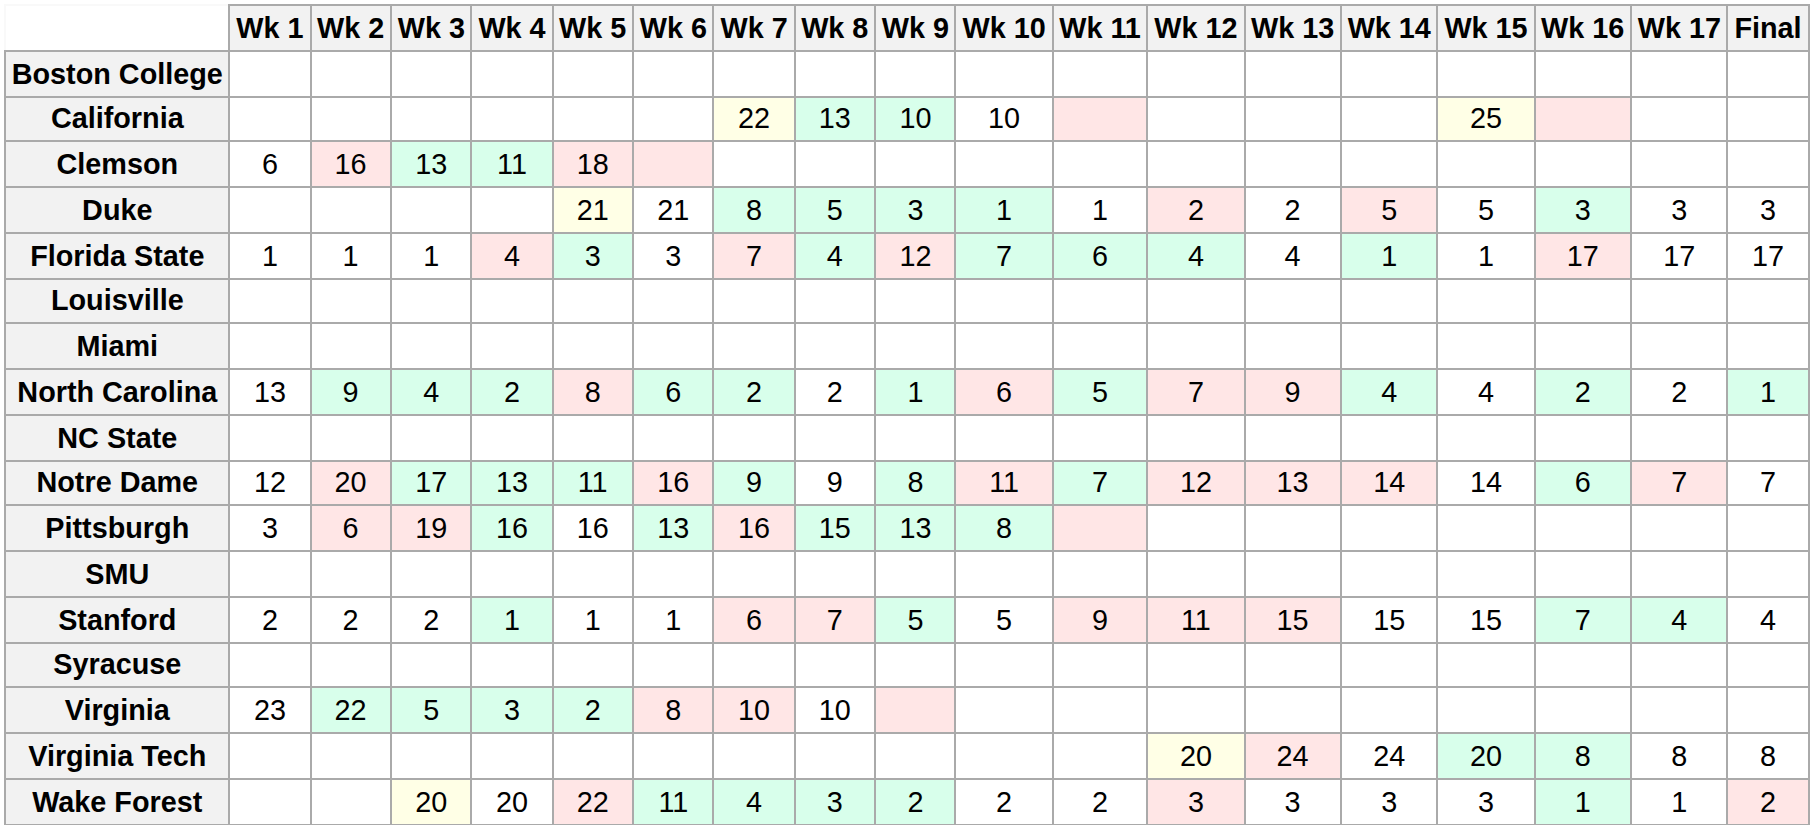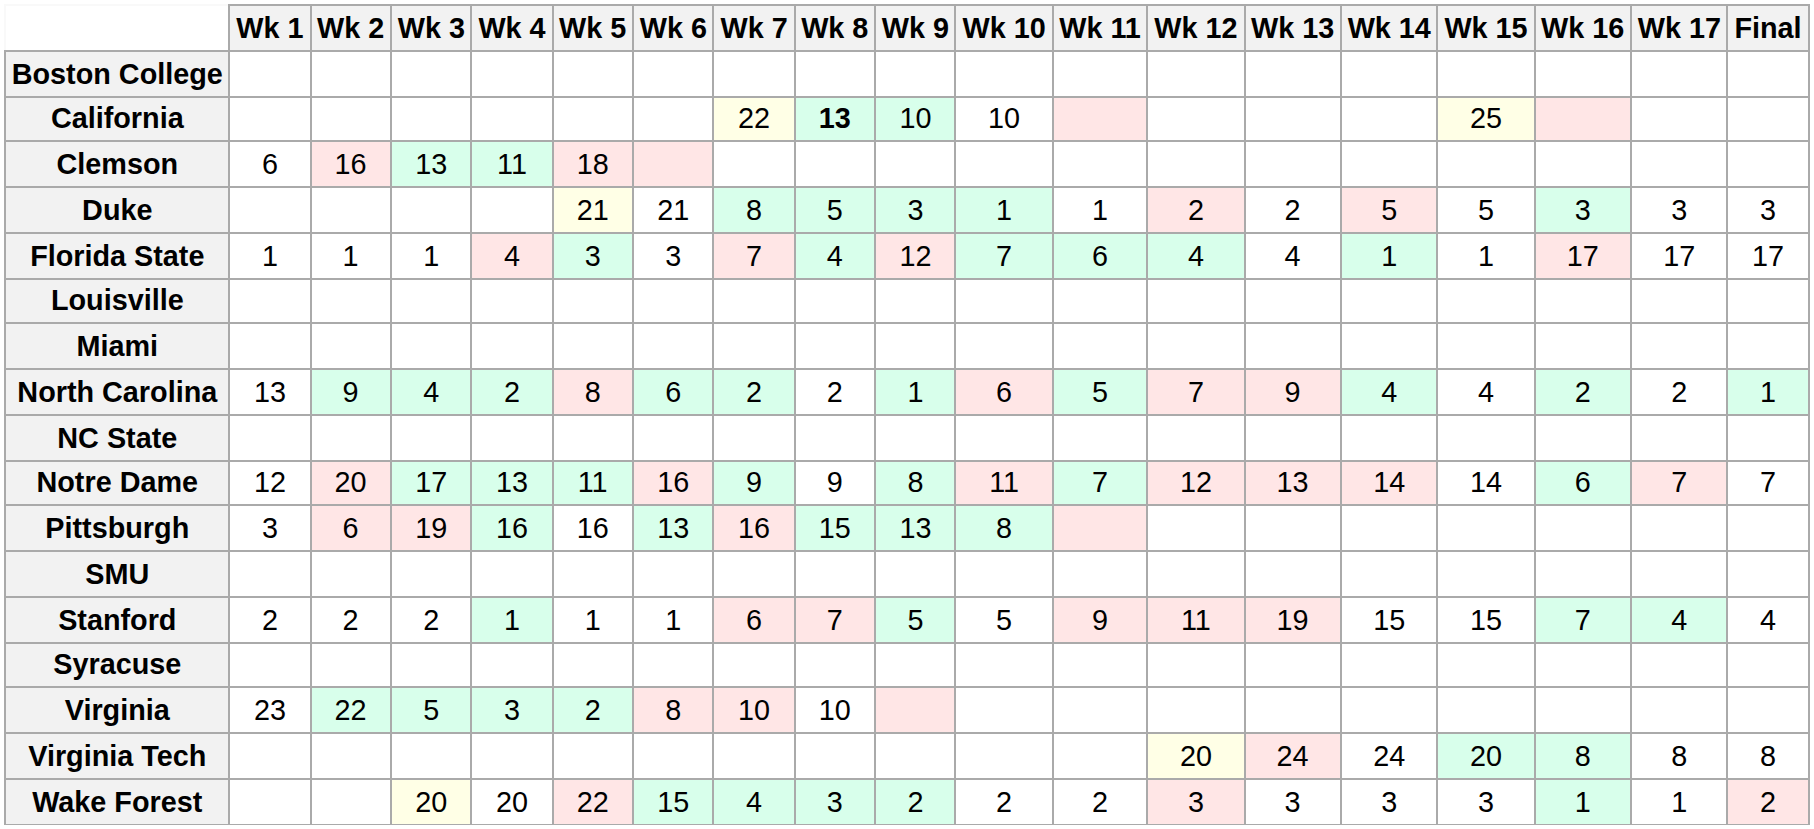 <table class="wikitable" style="white-space:nowrap;font-size:90%;">
 <tr>
 <th colspan=1 style="background:white; border-top-style:hidden; border-left-style:hidden;"> </th>
 <th>Wk 1 <br></th>
 <th>Wk 2 <br></th>
 <th>Wk 3 <br></th>
 <th>Wk 4 <br></th>
 <th>Wk 5 <br></th>
 <th>Wk 6 <br></th>
 <th>Wk 7 <br></th>
 <th>Wk 8 <br></th>
 <th>Wk 9 <br></th>
 <th>Wk 10 <br></th>
 <th>Wk 11 <br></th>
 <th>Wk 12 <br></th>
 <th>Wk 13 <br></th>
 <th>Wk 14 <br></th>
 <th>Wk 15 <br></th>
 <th>Wk 16 <br></th>
 <th>Wk 17 <br></th>
 <th>Final <br></th>
 </tr>
 <tr style="text-align:center;">
 <th>Boston College</th>
 <td style="background:#FFF;"></td>
 <td style="background:#FFF;"></td>
 <td style="background:#FFF;"></td>
 <td style="background:#FFF;"></td>
 <td style="background:#FFF;"></td>
 <td style="background:#FFF;"></td>
 <td style="background:#FFF;"></td>
 <td style="background:#FFF;"></td>
 <td style="background:#FFF;"></td>
 <td style="background:#FFF;"></td>
 <td style="background:#FFF;"></td>
 <td style="background:#FFF;"></td>
 <td style="background:#FFF;"></td>
 <td style="background:#FFF;"></td>
 <td style="background:#FFF;"></td>
 <td style="background:#FFF;"></td>
 <td style="background:#FFF;"></td>
 <td style="background:#FFF;"></td>
 </tr>
 <tr style="text-align:center;">
 <th>California</th>
 <td style="background:#FFF;"></td>
 <td style="background:#FFF;"></td>
 <td style="background:#FFF;"></td>
 <td style="background:#FFF;"></td>
 <td style="background:#FFF;"></td>
 <td style="background:#FFF;"></td>
 <td style="background:#FFFFE6;"> 22</td>
-<td style="background:#D8FFEB;"> 13</td>
+<td style="background:#D8FFEB;"><strong> 13</strong></td>
 <td style="background:#D8FFEB;"> 10</td>
 <td style="background:#FFF;"> 10</td>
 <td style="background:#FFE6E6;"></td>
 <td style="background:#FFF;"></td>
 <td style="background:#FFF;"></td>
 <td style="background:#FFF;"></td>
 <td style="background:#FFFFE6;"> 25</td>
 <td style="background:#FFE6E6;"></td>
 <td style="background:#FFF;"></td>
 <td style="background:#FFF;"></td>
 </tr>
 <tr style="text-align:center;">
 <th>Clemson</th>
 <td style="background:#FFF;"> 6</td>
 <td style="background:#FFE6E6;"> 16</td>
 <td style="background:#D8FFEB;"> 13</td>
 <td style="background:#D8FFEB;"> 11</td>
 <td style="background:#FFE6E6;"> 18</td>
 <td style="background:#FFE6E6;"></td>
 <td style="background:#FFF;"></td>
 <td style="background:#FFF;"></td>
 <td style="background:#FFF;"></td>
 <td style="background:#FFF;"></td>
 <td style="background:#FFF;"></td>
 <td style="background:#FFF;"></td>
 <td style="background:#FFF;"></td>
 <td style="background:#FFF;"></td>
 <td style="background:#FFF;"></td>
 <td style="background:#FFF;"></td>
 <td style="background:#FFF;"></td>
 <td style="background:#FFF;"></td>
 </tr>
 <tr style="text-align:center;">
 <th>Duke</th>
 <td style="background:#FFF;"></td>
 <td style="background:#FFF;"></td>
 <td style="background:#FFF;"></td>
 <td style="background:#FFF;"></td>
 <td style="background:#FFFFE6;"> 21</td>
 <td style="background:#FFF;"> 21</td>
 <td style="background:#D8FFEB;"> 8</td>
 <td style="background:#D8FFEB;"> 5</td>
 <td style="background:#D8FFEB;"> 3</td>
 <td style="background:#D8FFEB;"> 1</td>
 <td style="background:#FFF;"> 1</td>
 <td style="background:#FFE6E6;"> 2</td>
 <td style="background:#FFF;"> 2</td>
 <td style="background:#FFE6E6;"> 5</td>
 <td style="background:#FFF;"> 5</td>
 <td style="background:#D8FFEB;"> 3</td>
 <td style="background:#FFF;"> 3</td>
 <td style="background:#FFF;"> 3</td>
 </tr>
 <tr style="text-align:center;">
 <th !>Florida State</th>
 <td style="background:#FFF;"> 1</td>
 <td style="background:#FFF;"> 1</td>
 <td style="background:#FFF;"> 1</td>
 <td style="background:#FFE6E6;"> 4</td>
 <td style="background:#D8FFEB;"> 3</td>
 <td style="background:#FFF;"> 3</td>
 <td style="background:#FFE6E6;"> 7</td>
 <td style="background:#D8FFEB;"> 4</td>
 <td style="background:#FFE6E6;"> 12</td>
 <td style="background:#D8FFEB;"> 7</td>
 <td style="background:#D8FFEB;"> 6</td>
 <td style="background:#D8FFEB;"> 4</td>
 <td style="background:#FFF;"> 4</td>
 <td style="background:#D8FFEB;"> 1</td>
 <td style="background:#FFF;"> 1</td>
 <td style="background:#FFE6E6;"> 17</td>
 <td style="background:#FFF;"> 17</td>
 <td style="background:#FFF;"> 17</td>
 </tr>
 <tr style="text-align:center;">
 <th>Louisville</th>
 <td style="background:#FFF;"></td>
 <td style="background:#FFF;"></td>
 <td style="background:#FFF;"></td>
 <td style="background:#FFF;"></td>
 <td style="background:#FFF;"></td>
 <td style="background:#FFF;"></td>
 <td style="background:#FFF;"></td>
 <td style="background:#FFF;"></td>
 <td style="background:#FFF;"></td>
 <td style="background:#FFF;"></td>
 <td style="background:#FFF;"></td>
 <td style="background:#FFF;"></td>
 <td style="background:#FFF;"></td>
 <td style="background:#FFF;"></td>
 <td style="background:#FFF;"></td>
 <td style="background:#FFF;"></td>
 <td style="background:#FFF;"></td>
 <td style="background:#FFF;"></td>
 </tr>
 <tr style="text-align:center;">
 <th>Miami</th>
 <td style="background:#FFF;"></td>
 <td style="background:#FFF;"></td>
 <td style="background:#FFF;"></td>
 <td style="background:#FFF;"></td>
 <td style="background:#FFF;"></td>
 <td style="background:#FFF;"></td>
 <td style="background:#FFF;"></td>
 <td style="background:#FFF;"></td>
 <td style="background:#FFF;"></td>
 <td style="background:#FFF;"></td>
 <td style="background:#FFF;"></td>
 <td style="background:#FFF;"></td>
 <td style="background:#FFF;"></td>
 <td style="background:#FFF;"></td>
 <td style="background:#FFF;"></td>
 <td style="background:#FFF;"></td>
 <td style="background:#FFF;"></td>
 <td style="background:#FFF;"></td>
 </tr>
 <tr style="text-align:center;">
 <th>North Carolina</th>
 <td style="background:#FFF;"> 13</td>
 <td style="background:#D8FFEB;"> 9</td>
 <td style="background:#D8FFEB;"> 4</td>
 <td style="background:#D8FFEB;"> 2</td>
 <td style="background:#FFE6E6;"> 8</td>
 <td style="background:#D8FFEB;"> 6</td>
 <td style="background:#D8FFEB;"> 2</td>
 <td style="background:#FFF;"> 2</td>
 <td style="background:#D8FFEB;"> 1</td>
 <td style="background:#FFE6E6;"> 6</td>
 <td style="background:#D8FFEB;"> 5</td>
 <td style="background:#FFE6E6;"> 7</td>
 <td style="background:#FFE6E6;"> 9</td>
 <td style="background:#D8FFEB;"> 4</td>
 <td style="background:#FFF;"> 4</td>
 <td style="background:#D8FFEB;"> 2</td>
 <td style="background:#FFF;"> 2</td>
 <td style="background:#D8FFEB;"> 1</td>
 </tr>
 <tr style="text-align:center;">
 <th>NC State</th>
 <td style="background:#FFF;"></td>
 <td style="background:#FFF;"></td>
 <td style="background:#FFF;"></td>
 <td style="background:#FFF;"></td>
 <td style="background:#FFF;"></td>
 <td style="background:#FFF;"></td>
 <td style="background:#FFF;"></td>
 <td style="background:#FFF;"></td>
 <td style="background:#FFF;"></td>
 <td style="background:#FFF;"></td>
 <td style="background:#FFF;"></td>
 <td style="background:#FFF;"></td>
 <td style="background:#FFF;"></td>
 <td style="background:#FFF;"></td>
 <td style="background:#FFF;"></td>
 <td style="background:#FFF;"></td>
 <td style="background:#FFF;"></td>
 <td style="background:#FFF;"></td>
 </tr>
 <tr style="text-align:center;">
 <th>Notre Dame</th>
 <td style="background:#FFF;"> 12</td>
 <td style="background:#FFE6E6;"> 20</td>
 <td style="background:#D8FFEB;"> 17</td>
 <td style="background:#D8FFEB;"> 13</td>
 <td style="background:#D8FFEB;"> 11</td>
 <td style="background:#FFE6E6;"> 16</td>
 <td style="background:#D8FFEB;"> 9</td>
 <td style="background:#FFF;"> 9</td>
 <td style="background:#D8FFEB;"> 8</td>
 <td style="background:#FFE6E6;"> 11</td>
 <td style="background:#D8FFEB;"> 7</td>
 <td style="background:#FFE6E6;"> 12</td>
 <td style="background:#FFE6E6;"> 13</td>
 <td style="background:#FFE6E6;"> 14</td>
 <td style="background:#FFF;"> 14</td>
 <td style="background:#D8FFEB;"> 6</td>
 <td style="background:#FFE6E6;"> 7</td>
 <td style="background:#FFF;"> 7</td>
 </tr>
 <tr style="text-align:center;">
 <th>Pittsburgh</th>
 <td style="background:#FFF;"> 3</td>
 <td style="background:#FFE6E6;"> 6</td>
 <td style="background:#FFE6E6;"> 19</td>
 <td style="background:#D8FFEB;"> 16</td>
 <td style="background:#FFF;"> 16</td>
 <td style="background:#D8FFEB;"> 13</td>
 <td style="background:#FFE6E6;"> 16</td>
 <td style="background:#D8FFEB;"> 15</td>
 <td style="background:#D8FFEB;"> 13</td>
 <td style="background:#D8FFEB;"> 8</td>
 <td style="background:#FFE6E6;"></td>
 <td style="background:#FFF;"></td>
 <td style="background:#FFF;"></td>
 <td style="background:#FFF;"></td>
 <td style="background:#FFF;"></td>
 <td style="background:#FFF;"></td>
 <td style="background:#FFF;"></td>
 <td style="background:#FFF;"></td>
 </tr>
 <tr style="text-align:center;">
 <th>SMU</th>
 <td style="background:#FFF;"></td>
 <td style="background:#FFF;"></td>
 <td style="background:#FFF;"></td>
 <td style="background:#FFF;"></td>
 <td style="background:#FFF;"></td>
 <td style="background:#FFF;"></td>
 <td style="background:#FFF;"></td>
 <td style="background:#FFF;"></td>
 <td style="background:#FFF;"></td>
 <td style="background:#FFF;"></td>
 <td style="background:#FFF;"></td>
 <td style="background:#FFF;"></td>
 <td style="background:#FFF;"></td>
 <td style="background:#FFF;"></td>
 <td style="background:#FFF;"></td>
 <td style="background:#FFF;"></td>
 <td style="background:#FFF;"></td>
 <td style="background:#FFF;"></td>
 </tr>
 <tr style="text-align:center;">
 <th>Stanford</th>
 <td style="background:#FFF;"> 2</td>
 <td style="background:#FFF;"> 2</td>
 <td style="background:#FFF;"> 2</td>
 <td style="background:#D8FFEB;"> 1</td>
 <td style="background:#FFF;"> 1</td>
 <td style="background:#FFF;"> 1</td>
 <td style="background:#FFE6E6;"> 6</td>
 <td style="background:#FFE6E6;"> 7</td>
 <td style="background:#D8FFEB;"> 5</td>
 <td style="background:#FFF;"> 5</td>
 <td style="background:#FFE6E6;"> 9</td>
 <td style="background:#FFE6E6;"> 11</td>
-<td style="background:#FFE6E6;"> 15</td>
+<td style="background:#FFE6E6;"> 19</td>
 <td style="background:#FFF;"> 15</td>
 <td style="background:#FFF;"> 15</td>
 <td style="background:#D8FFEB;"> 7</td>
 <td style="background:#D8FFEB;"> 4</td>
 <td style="background:#FFF;"> 4</td>
 </tr>
 <tr style="text-align:center;">
 <th>Syracuse</th>
 <td style="background:#FFF;"></td>
 <td style="background:#FFF;"></td>
 <td style="background:#FFF;"></td>
 <td style="background:#FFF;"></td>
 <td style="background:#FFF;"></td>
 <td style="background:#FFF;"></td>
 <td style="background:#FFF;"></td>
 <td style="background:#FFF;"></td>
 <td style="background:#FFF;"></td>
 <td style="background:#FFF;"></td>
 <td style="background:#FFF;"></td>
 <td style="background:#FFF;"></td>
 <td style="background:#FFF;"></td>
 <td style="background:#FFF;"></td>
 <td style="background:#FFF;"></td>
 <td style="background:#FFF;"></td>
 <td style="background:#FFF;"></td>
 <td style="background:#FFF;"></td>
 </tr>
 <tr style="text-align:center;">
 <th>Virginia</th>
 <td style="background:#FFF;"> 23</td>
 <td style="background:#D8FFEB;"> 22</td>
 <td style="background:#D8FFEB;"> 5</td>
 <td style="background:#D8FFEB;"> 3</td>
 <td style="background:#D8FFEB;"> 2</td>
 <td style="background:#FFE6E6;"> 8</td>
 <td style="background:#FFE6E6;"> 10</td>
 <td style="background:#FFF;"> 10</td>
 <td style="background:#FFE6E6;"></td>
 <td style="background:#FFF;"></td>
 <td style="background:#FFF;"></td>
 <td style="background:#FFF;"></td>
 <td style="background:#FFF;"></td>
 <td style="background:#FFF;"></td>
 <td style="background:#FFF;"></td>
 <td style="background:#FFF;"></td>
 <td style="background:#FFF;"></td>
 <td style="background:#FFF;"></td>
 </tr>
 <tr style="text-align:center;">
 <th>Virginia Tech</th>
 <td style="background:#FFF;"></td>
 <td style="background:#FFF;"></td>
 <td style="background:#FFF;"></td>
 <td style="background:#FFF;"></td>
 <td style="background:#FFF;"></td>
 <td style="background:#FFF;"></td>
 <td style="background:#FFF;"></td>
 <td style="background:#FFF;"></td>
 <td style="background:#FFF;"></td>
 <td style="background:#FFF;"></td>
 <td style="background:#FFF;"></td>
 <td style="background:#FFFFE6;"> 20</td>
 <td style="background:#FFE6E6;"> 24</td>
 <td style="background:#FFF;"> 24</td>
 <td style="background:#D8FFEB;"> 20</td>
 <td style="background:#D8FFEB;"> 8</td>
 <td style="background:#FFF;"> 8</td>
 <td style="background:#FFF;"> 8</td>
 </tr>
 <tr style="text-align:center;">
 <th>Wake Forest</th>
 <td style="background:#FFF;"></td>
 <td style="background:#FFF;"></td>
 <td style="background:#FFFFE6;"> 20</td>
 <td style="background:#FFF;"> 20</td>
 <td style="background:#FFE6E6;"> 22</td>
-<td style="background:#D8FFEB;"> 11</td>
+<td style="background:#D8FFEB;"> 15</td>
 <td style="background:#D8FFEB;"> 4</td>
 <td style="background:#D8FFEB;"> 3</td>
 <td style="background:#D8FFEB;"> 2</td>
 <td style="background:#FFF;"> 2</td>
 <td style="background:#FFF;"> 2</td>
 <td style="background:#FFE6E6;"> 3</td>
 <td style="background:#FFF;"> 3</td>
 <td style="background:#FFF;"> 3</td>
 <td style="background:#FFF;"> 3</td>
 <td style="background:#D8FFEB;"> 1</td>
 <td style="background:#FFF;"> 1</td>
 <td style="background:#FFE6E6;"> 2</td>
 </tr>
 </table>
